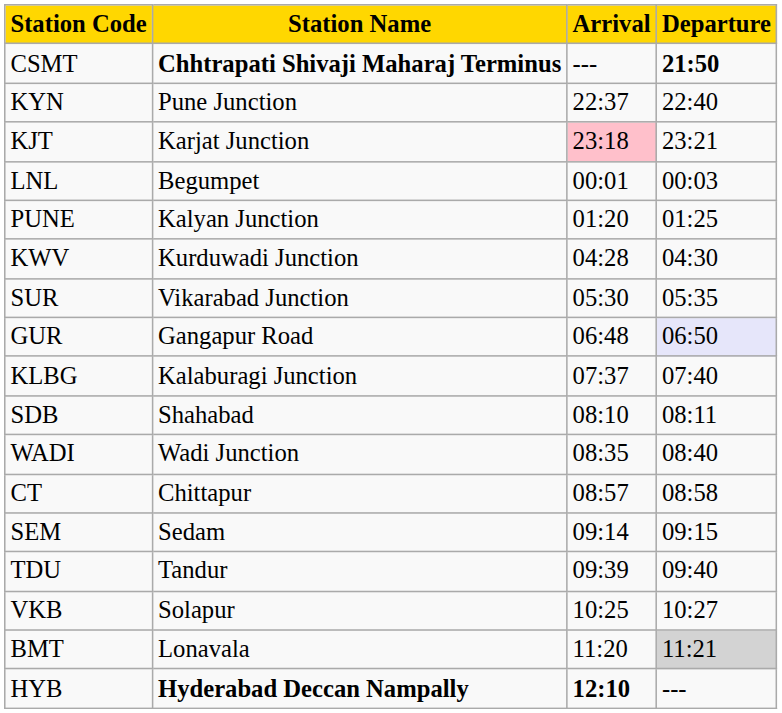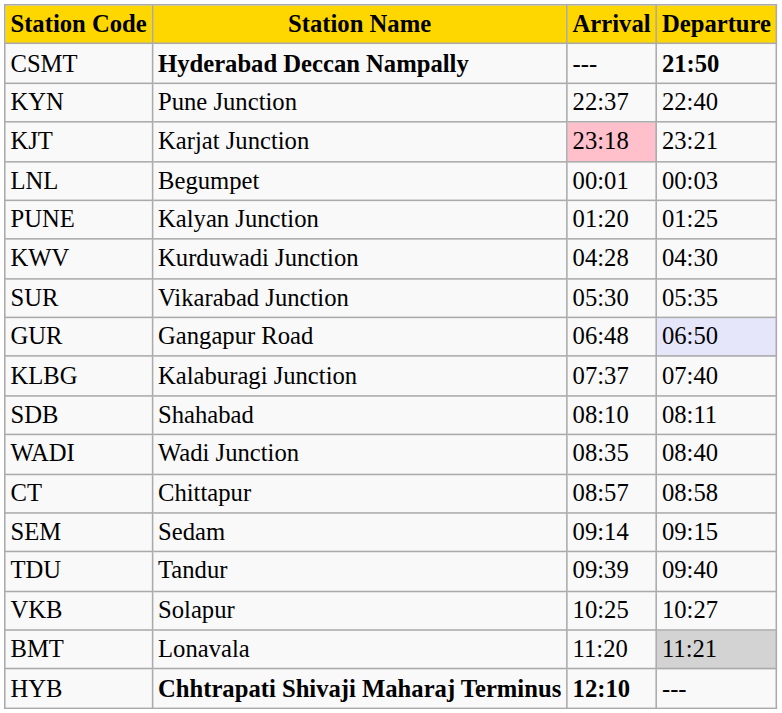 <table class="wikitable">
 <tr>
 <th style="background:gold;">Station Code</th>
 <th ! style="background:gold;">Station Name</th>
 <th ! style="background:gold;">Arrival</th>
 <th ! style="Background:gold;">Departure</th>
 </tr>
 <tr>
 <td>CSMT</td>
-<td><strong>Chhtrapati Shivaji Maharaj Terminus</strong></td>
+<td><strong>Hyderabad Deccan Nampally</strong></td>
 <td>---</td>
 <td><strong>21:50</strong></td>
 </tr>
 <tr>
 <td>KYN</td>
 <td>Pune Junction</td>
 <td>22:37</td>
 <td>22:40</td>
 </tr>
 <tr>
 <td>KJT</td>
 <td>Karjat Junction</td>
 <td style="background: pink;">23:18</td>
 <td>23:21</td>
 </tr>
 <tr>
 <td>LNL</td>
 <td>Begumpet</td>
 <td>00:01</td>
 <td>00:03</td>
 </tr>
 <tr>
 <td>PUNE</td>
 <td>Kalyan Junction</td>
 <td>01:20</td>
 <td>01:25</td>
 </tr>
 <tr>
 <td>KWV</td>
 <td>Kurduwadi Junction</td>
 <td>04:28</td>
 <td>04:30</td>
 </tr>
 <tr>
 <td>SUR</td>
 <td>Vikarabad Junction</td>
 <td>05:30</td>
 <td>05:35</td>
 </tr>
 <tr>
 <td>GUR</td>
 <td>Gangapur Road</td>
 <td>06:48</td>
 <td style="background: lavender;">06:50</td>
 </tr>
 <tr>
 <td>KLBG</td>
 <td>Kalaburagi Junction</td>
 <td>07:37</td>
 <td>07:40</td>
 </tr>
 <tr>
 <td>SDB</td>
 <td>Shahabad</td>
 <td>08:10</td>
 <td>08:11</td>
 </tr>
 <tr>
 <td>WADI</td>
 <td>Wadi Junction</td>
 <td>08:35</td>
 <td>08:40</td>
 </tr>
 <tr>
 <td>CT</td>
 <td>Chittapur</td>
 <td>08:57</td>
 <td>08:58</td>
 </tr>
 <tr>
 <td>SEM</td>
 <td>Sedam</td>
 <td>09:14</td>
 <td>09:15</td>
 </tr>
 <tr>
 <td>TDU</td>
 <td>Tandur</td>
 <td>09:39</td>
 <td>09:40</td>
 </tr>
 <tr>
 <td>VKB</td>
 <td>Solapur</td>
 <td>10:25</td>
 <td>10:27</td>
 </tr>
 <tr>
 <td>BMT</td>
 <td>Lonavala</td>
 <td>11:20</td>
 <td style="background: lightgrey;">11:21</td>
 </tr>
 <tr>
 <td>HYB</td>
-<td><strong>Hyderabad Deccan Nampally</strong></td>
+<td><strong>Chhtrapati Shivaji Maharaj Terminus</strong></td>
 <td><strong>12:10</strong></td>
 <td>---</td>
 </tr>
 <tr>
 </tr>
 </table>
